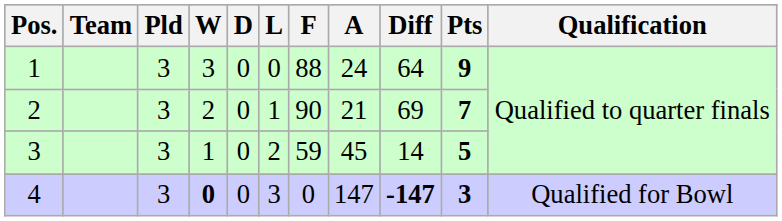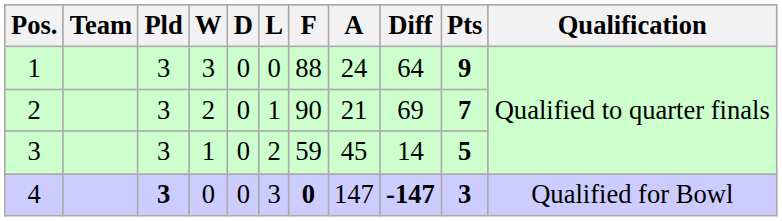 <table class="wikitable" style="text-align:center;">
 <tr>
 <th>Pos.</th>
 <th>Team</th>
 <th>Pld</th>
 <th>W</th>
 <th>D</th>
 <th>L</th>
 <th>F</th>
 <th>A</th>
 <th>Diff</th>
 <th>Pts</th>
 <th>Qualification</th>
 </tr>
 <tr bgcolor="ccffcc">
 <td>1</td>
 <td align=left></td>
 <td>3</td>
 <td>3</td>
 <td>0</td>
 <td>0</td>
 <td>88</td>
 <td>24</td>
 <td>64</td>
 <td><strong>9</strong></td>
 <td rowspan="3">Qualified to quarter finals</td>
 </tr>
 <tr bgcolor="ccffcc">
 <td>2</td>
 <td align=left></td>
 <td>3</td>
 <td>2</td>
 <td>0</td>
 <td>1</td>
 <td>90</td>
 <td>21</td>
 <td>69</td>
 <td><strong>7</strong></td>
 </tr>
 <tr bgcolor="ccffcc">
 <td>3</td>
 <td align=left></td>
 <td>3</td>
 <td>1</td>
 <td>0</td>
 <td>2</td>
 <td>59</td>
 <td>45</td>
 <td>14</td>
 <td><strong>5</strong></td>
 </tr>
 <tr bgcolor="ccccff">
 <td>4</td>
 <td align=left></td>
+<td><strong>3</strong></td>
+<td>0</td>
+<td>0</td>
 <td>3</td>
 <td><strong>0</strong></td>
-<td>0</td>
-<td>3</td>
-<td>0</td>
 <td>147</td>
 <td><strong>-147</strong></td>
 <td><strong>3</strong></td>
 <td rowspan="1">Qualified for Bowl</td>
 </tr>
 </table>
